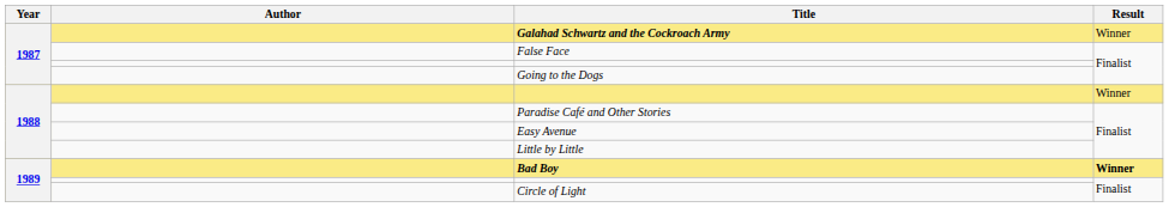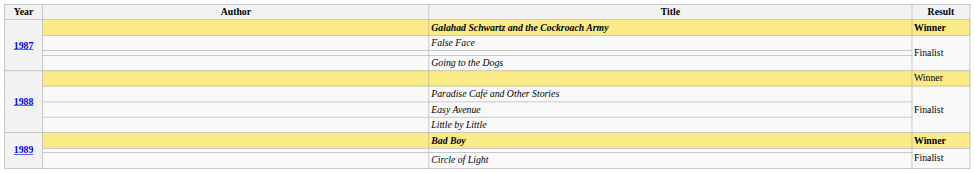 <table class="wikitable sortable mw-collapsible" width="100%">
 <tr>
 <th>Year</th>
 <th width="40%">Author</th>
 <th width="50%">Title</th>
 <th>Result</th>
 </tr>
 <tr style="background:#FAEB86">
 <th rowspan="4"><a href='#'>1987</a></th>
 <td><strong></strong></td>
 <td><strong><em>Galahad Schwartz and the Cockroach Army</em></strong></td>
-<td>Winner</td>
+<td><strong>Winner</strong></td>
 </tr>
 <tr>
 <td></td>
 <td><em>False Face</em></td>
 <td rowspan="3">Finalist</td>
 </tr>
 <tr>
 <td></td>
 <td></td>
 </tr>
 <tr>
 <td></td>
 <td><em>Going to the Dogs</em></td>
 </tr>
 <tr style="background:#FAEB86">
 <th rowspan="4"><a href='#'>1988</a></th>
 <td><strong></strong></td>
 <td><strong><em></em></strong></td>
 <td>Winner</td>
 </tr>
 <tr>
 <td></td>
 <td><em>Paradise Café and Other Stories</em></td>
 <td rowspan="3">Finalist</td>
 </tr>
 <tr>
 <td></td>
 <td><em>Easy Avenue</em></td>
 </tr>
 <tr>
 <td></td>
 <td><em>Little by Little</em></td>
 </tr>
 <tr style="background:#FAEB86">
 <th rowspan="3"><a href='#'>1989</a></th>
 <td><strong></strong></td>
 <td><strong><em>Bad Boy</em></strong></td>
 <td><strong>Winner</strong></td>
 </tr>
 <tr>
 <td></td>
 <td><em></em></td>
 <td rowspan="2">Finalist</td>
 </tr>
 <tr>
 <td></td>
 <td><em>Circle of Light</em></td>
 </tr>
 </table>
